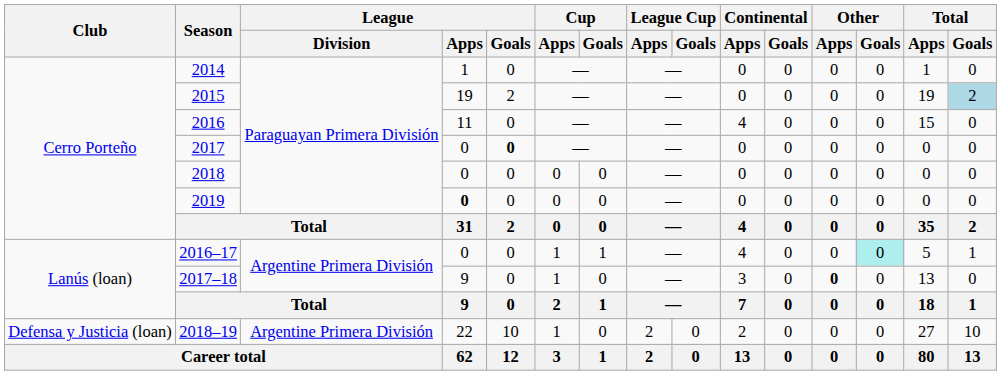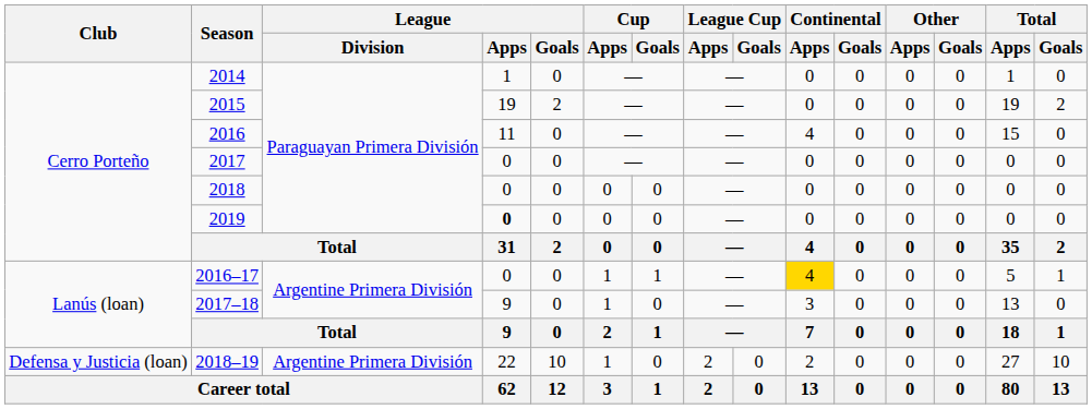 <table class="wikitable" style="text-align:center">
 <tr>
 <th rowspan="2">Club</th>
 <th rowspan="2">Season</th>
 <th colspan="3">League</th>
 <th colspan="2">Cup</th>
 <th colspan="2">League Cup</th>
 <th colspan="2">Continental</th>
 <th colspan="2">Other</th>
 <th colspan="2">Total</th>
 </tr>
 <tr>
 <th>Division</th>
 <th>Apps</th>
 <th>Goals</th>
 <th>Apps</th>
 <th>Goals</th>
 <th>Apps</th>
 <th>Goals</th>
 <th>Apps</th>
 <th>Goals</th>
 <th>Apps</th>
 <th>Goals</th>
 <th>Apps</th>
 <th>Goals</th>
 </tr>
 <tr>
 <td rowspan="7"><a href='#'>Cerro Porteño</a></td>
 <td><a href='#'>2014</a></td>
 <td rowspan="6"><a href='#'>Paraguayan Primera División</a></td>
 <td>1</td>
 <td>0</td>
 <td colspan="2">—</td>
 <td colspan="2">—</td>
 <td>0</td>
 <td>0</td>
 <td>0</td>
 <td>0</td>
 <td>1</td>
 <td>0</td>
 </tr>
 <tr>
 <td><a href='#'>2015</a></td>
 <td>19</td>
 <td>2</td>
 <td colspan="2">—</td>
 <td colspan="2">—</td>
 <td>0</td>
 <td>0</td>
 <td>0</td>
 <td>0</td>
 <td>19</td>
-<td style="background: lightblue;">2</td>
+<td>2</td>
 </tr>
 <tr>
 <td><a href='#'>2016</a></td>
 <td>11</td>
 <td>0</td>
 <td colspan="2">—</td>
 <td colspan="2">—</td>
 <td>4</td>
 <td>0</td>
 <td>0</td>
 <td>0</td>
 <td>15</td>
 <td>0</td>
 </tr>
 <tr>
 <td><a href='#'>2017</a></td>
 <td>0</td>
-<td><strong>0</strong></td>
+<td>0</td>
 <td colspan="2">—</td>
 <td colspan="2">—</td>
 <td>0</td>
 <td>0</td>
 <td>0</td>
 <td>0</td>
 <td>0</td>
 <td>0</td>
 </tr>
 <tr>
 <td><a href='#'>2018</a></td>
 <td>0</td>
 <td>0</td>
 <td>0</td>
 <td>0</td>
 <td colspan="2">—</td>
 <td>0</td>
 <td>0</td>
 <td>0</td>
 <td>0</td>
 <td>0</td>
 <td>0</td>
 </tr>
 <tr>
 <td><a href='#'>2019</a></td>
 <td><strong>0</strong></td>
 <td>0</td>
 <td>0</td>
 <td>0</td>
 <td colspan="2">—</td>
 <td>0</td>
 <td>0</td>
 <td>0</td>
 <td>0</td>
 <td>0</td>
 <td>0</td>
 </tr>
 <tr>
 <th colspan="2">Total</th>
 <th>31</th>
 <th>2</th>
 <th>0</th>
 <th>0</th>
 <th colspan="2">—</th>
 <th>4</th>
 <th>0</th>
 <th>0</th>
 <th>0</th>
 <th>35</th>
 <th>2</th>
 </tr>
 <tr>
 <td rowspan="3"><a href='#'>Lanús</a> (loan)</td>
 <td><a href='#'>2016–17</a></td>
 <td rowspan="2"><a href='#'>Argentine Primera División</a></td>
 <td>0</td>
 <td>0</td>
 <td>1</td>
 <td>1</td>
 <td colspan="2">—</td>
-<td>4</td>
+<td style="background: gold;">4</td>
 <td>0</td>
 <td>0</td>
-<td style="background: paleturquoise;">0</td>
+<td>0</td>
 <td>5</td>
 <td>1</td>
 </tr>
 <tr>
 <td><a href='#'>2017–18</a></td>
 <td>9</td>
 <td>0</td>
 <td>1</td>
 <td>0</td>
 <td colspan="2">—</td>
 <td>3</td>
 <td>0</td>
-<td><strong>0</strong></td>
+<td>0</td>
 <td>0</td>
 <td>13</td>
 <td>0</td>
 </tr>
 <tr>
 <th colspan="2">Total</th>
 <th>9</th>
 <th>0</th>
 <th>2</th>
 <th>1</th>
 <th colspan="2">—</th>
 <th>7</th>
 <th>0</th>
 <th>0</th>
 <th>0</th>
 <th>18</th>
 <th>1</th>
 </tr>
 <tr>
 <td rowspan="1"><a href='#'>Defensa y Justicia</a> (loan)</td>
 <td><a href='#'>2018–19</a></td>
 <td rowspan="1"><a href='#'>Argentine Primera División</a></td>
 <td>22</td>
 <td>10</td>
 <td>1</td>
 <td>0</td>
 <td>2</td>
 <td>0</td>
 <td>2</td>
 <td>0</td>
 <td>0</td>
 <td>0</td>
 <td>27</td>
 <td>10</td>
 </tr>
 <tr>
 <th colspan="3">Career total</th>
 <th>62</th>
 <th>12</th>
 <th>3</th>
 <th>1</th>
 <th>2</th>
 <th>0</th>
 <th>13</th>
 <th>0</th>
 <th>0</th>
 <th>0</th>
 <th>80</th>
 <th>13</th>
 </tr>
 </table>
